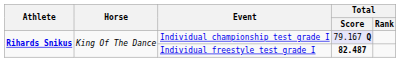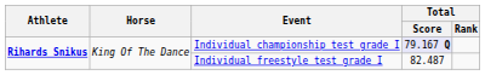 <table class=wikitable style="font-size:90%">
 <tr>
 <th rowspan="2">Athlete</th>
 <th rowspan="2">Horse</th>
 <th rowspan="2">Event</th>
 <th colspan="2">Total</th>
 </tr>
 <tr>
 <th>Score</th>
 <th>Rank</th>
 </tr>
 <tr>
 <td rowspan="2"><strong><a href='#'>Rihards Snikus</a></strong></td>
 <td rowspan="2"><em>King Of The Dance</em></td>
 <td><a href='#'>Individual championship test grade I</a></td>
 <td align=center style="background: lavender;">79.167 <strong>Q</strong></td>
 <td align=center></td>
 </tr>
 <tr>
 <td><a href='#'>Individual freestyle test grade I</a></td>
-<td align=center><strong>82.487</strong></td>
+<td align=center>82.487</td>
 <td align=center></td>
 </tr>
 </table>
